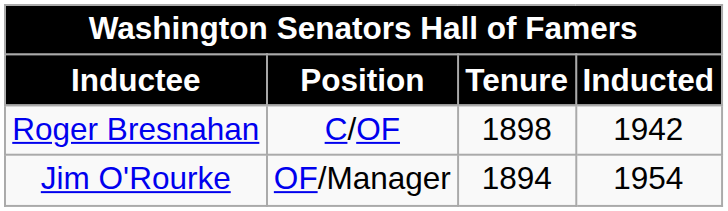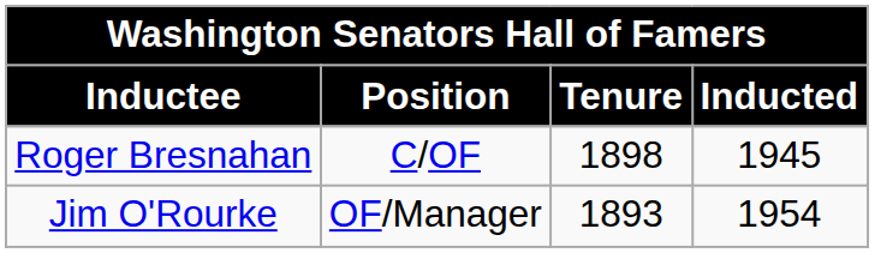 <table class="wikitable" style="text-align:center">
 <tr>
 <th colspan=4 style="background:black; color:white;">Washington Senators Hall of Famers</th>
 </tr>
 <tr>
 <th style="background:black; color:white;">Inductee</th>
 <th style="background:black; color:white;">Position</th>
 <th style="background:black; color:white;">Tenure</th>
 <th style="background:black; color:white;">Inducted</th>
 </tr>
 <tr>
 <td><a href='#'>Roger Bresnahan</a></td>
 <td><a href='#'>C</a>/<a href='#'>OF</a></td>
 <td>1898</td>
-<td>1942</td>
+<td>1945</td>
 </tr>
 <tr>
 <td><a href='#'>Jim O'Rourke</a></td>
 <td><a href='#'>OF</a>/Manager</td>
-<td>1894</td>
+<td>1893</td>
 <td>1954</td>
 </tr>
 </table>
